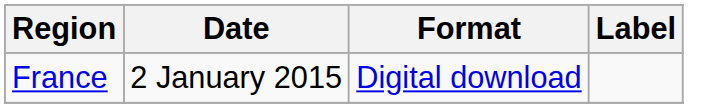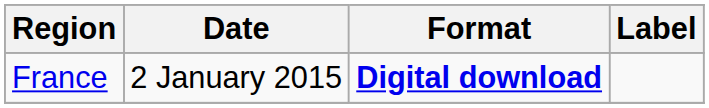 <table class=wikitable>
 <tr>
 <th>Region</th>
 <th>Date</th>
 <th>Format</th>
 <th>Label</th>
 </tr>
 <tr>
 <td><a href='#'>France</a></td>
 <td>2 January 2015</td>
-<td><a href='#'>Digital download</a></td>
+<td><strong><a href='#'>Digital download</a></strong></td>
 <td></td>
 </tr>
 <tr>
 </tr>
 </table>
